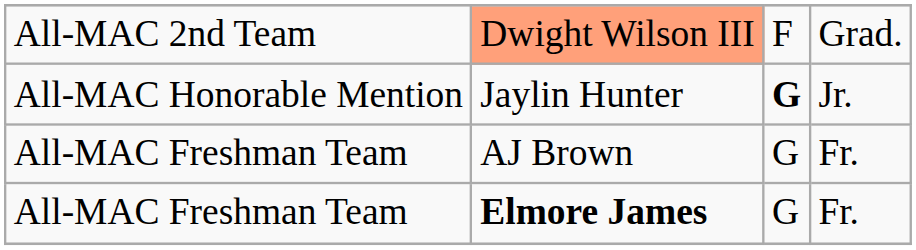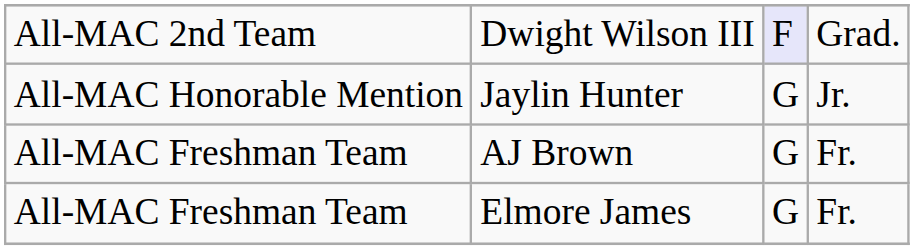 <table class="wikitable" border="1">
 <tr align=center>
 </tr>
 <tr>
 <td>All-MAC 2nd Team</td>
-<td style="background: lightsalmon;">Dwight Wilson III</td>
-<td>F</td>
+<td>Dwight Wilson III</td>
+<td style="background: lavender;">F</td>
 <td>Grad.</td>
 </tr>
 <tr>
 <td>All-MAC Honorable Mention</td>
 <td>Jaylin Hunter</td>
-<td><strong>G</strong></td>
+<td>G</td>
 <td>Jr.</td>
 </tr>
 <tr>
 <td>All-MAC Freshman Team</td>
 <td>AJ Brown</td>
 <td>G</td>
 <td>Fr.</td>
 </tr>
 <tr>
 <td>All-MAC Freshman Team</td>
-<td><strong>Elmore James</strong></td>
+<td>Elmore James</td>
 <td>G</td>
 <td>Fr.</td>
 </tr>
 <tr>
 </tr>
 </table>
